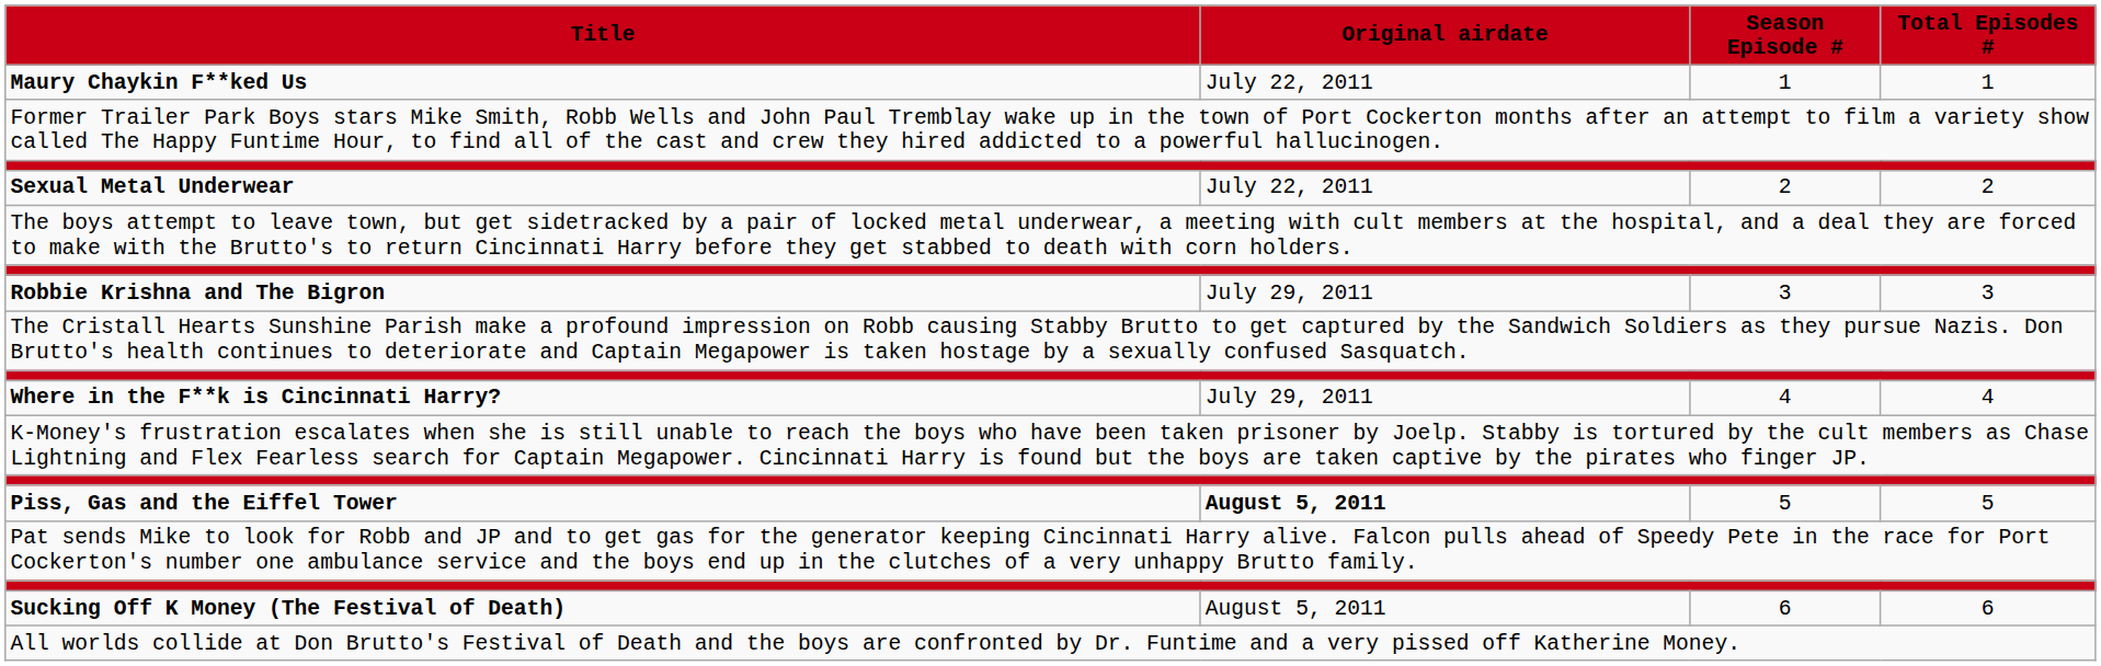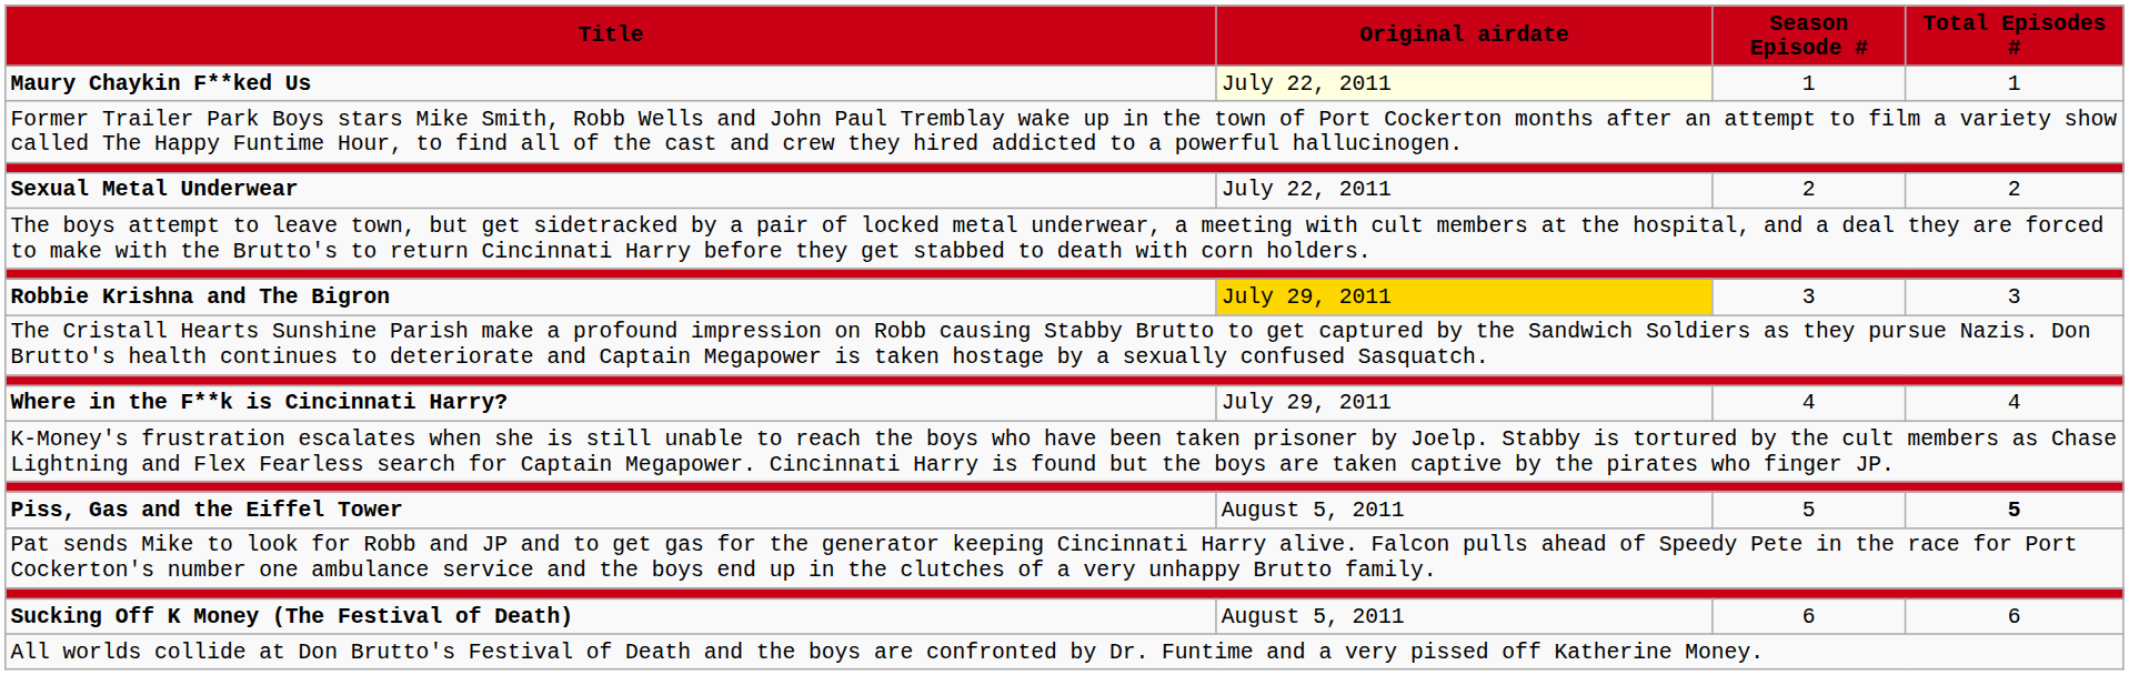 <table class="wikitable" style="width:100%;">
 <tr>
 <th ! style="background:#C90016; color:#000000;" width="375">Title</th>
 <th style="background:#C90016; color:#000000;" width="150">Original airdate</th>
 <th style="background:#C90016; color:#000000;" width="50">Season Episode #</th>
 <th style="background:#C90016; color:#000000;" width="50">Total Episodes #</th>
 </tr>
 <tr>
 <td><strong>Maury Chaykin F**ked Us</strong></td>
-<td>July 22, 2011</td>
+<td style="background: lightyellow;">July 22, 2011</td>
 <td align="center">1</td>
 <td align="center">1</td>
 </tr>
 <tr>
 <td colspan="4">Former Trailer Park Boys stars Mike Smith, Robb Wells and John Paul Tremblay wake up in the town of Port Cockerton months after an attempt to film a variety show called The Happy Funtime Hour, to find all of the cast and crew they hired addicted to a powerful hallucinogen.</td>
 </tr>
 <tr>
 <td colspan="4" bgcolor="#C90016"></td>
 </tr>
 <tr>
 <td><strong>Sexual Metal Underwear</strong></td>
 <td>July 22, 2011</td>
 <td align="center">2</td>
 <td align="center">2</td>
 </tr>
 <tr>
 <td colspan="4">The boys attempt to leave town, but get sidetracked by a pair of locked metal underwear, a meeting with cult members at the hospital, and a deal they are forced to make with the Brutto's to return Cincinnati Harry before they get stabbed to death with corn holders.</td>
 </tr>
 <tr>
 <td colspan="4" bgcolor="#C90016"></td>
 </tr>
 <tr>
 <td><strong>Robbie Krishna and The Bigron</strong></td>
-<td>July 29, 2011</td>
+<td style="background: gold;">July 29, 2011</td>
 <td align="center">3</td>
 <td align="center">3</td>
 </tr>
 <tr>
 <td colspan="4">The Cristall Hearts Sunshine Parish make a profound impression on Robb causing Stabby Brutto to get captured by the Sandwich Soldiers as they pursue Nazis. Don Brutto's health continues to deteriorate and Captain Megapower is taken hostage by a sexually confused Sasquatch.</td>
 </tr>
 <tr>
 <td colspan="4" bgcolor="#C90016"></td>
 </tr>
 <tr>
 <td><strong>Where in the F**k is Cincinnati Harry?</strong></td>
 <td>July 29, 2011</td>
 <td align="center">4</td>
 <td align="center">4</td>
 </tr>
 <tr>
 <td colspan="4">K-Money's frustration escalates when she is still unable to reach the boys who have been taken prisoner by Joelp. Stabby is tortured by the cult members as Chase Lightning and Flex Fearless search for Captain Megapower. Cincinnati Harry is found but the boys are taken captive by the pirates who finger JP.</td>
 </tr>
 <tr>
 <td colspan="4" bgcolor="#C90016"></td>
 </tr>
 <tr>
 <td><strong>Piss, Gas and the Eiffel Tower</strong></td>
-<td><strong>August 5, 2011</strong></td>
+<td>August 5, 2011</td>
 <td align="center">5</td>
-<td align="center">5</td>
+<td align="center"><strong>5</strong></td>
 </tr>
 <tr>
 <td colspan="4">Pat sends Mike to look for Robb and JP and to get gas for the generator keeping Cincinnati Harry alive. Falcon pulls ahead of Speedy Pete in the race for Port Cockerton's number one ambulance service and the boys end up in the clutches of a very unhappy Brutto family.</td>
 </tr>
 <tr>
 <td colspan="4" bgcolor="#C90016"></td>
 </tr>
 <tr>
 <td><strong>Sucking Off K Money (The Festival of Death)</strong></td>
 <td>August 5, 2011</td>
 <td align="center">6</td>
 <td align="center">6</td>
 </tr>
 <tr>
 <td colspan="4">All worlds collide at Don Brutto's Festival of Death and the boys are confronted by Dr. Funtime and a very pissed off Katherine Money.</td>
 </tr>
 </table>
